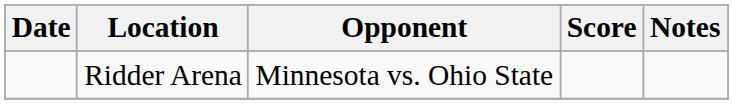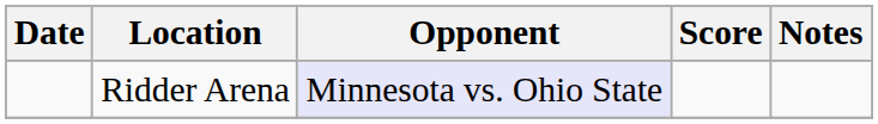 <table class="wikitable">
 <tr>
 <th>Date</th>
 <th>Location</th>
 <th>Opponent</th>
 <th>Score</th>
 <th>Notes</th>
 </tr>
 <tr>
 <td></td>
 <td>Ridder Arena</td>
-<td>Minnesota vs. Ohio State</td>
+<td style="background: lavender;">Minnesota vs. Ohio State</td>
 <td></td>
 <td></td>
 </tr>
 <tr>
 </tr>
 </table>
